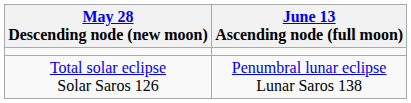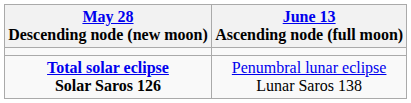 <table class="wikitable">
 <tr>
 <th><a href='#'>May 28</a><br>Descending node (new moon)<br></th>
 <th><a href='#'>June 13</a><br>Ascending node (full moon)<br></th>
 </tr>
 <tr>
 <td></td>
 <td></td>
 </tr>
 <tr align=center>
-<td><a href='#'>Total solar eclipse</a><br>Solar Saros 126</td>
+<td><strong><a href='#'>Total solar eclipse</a><br>Solar Saros 126</strong></td>
 <td><a href='#'>Penumbral lunar eclipse</a><br>Lunar Saros 138</td>
 </tr>
 </table>
